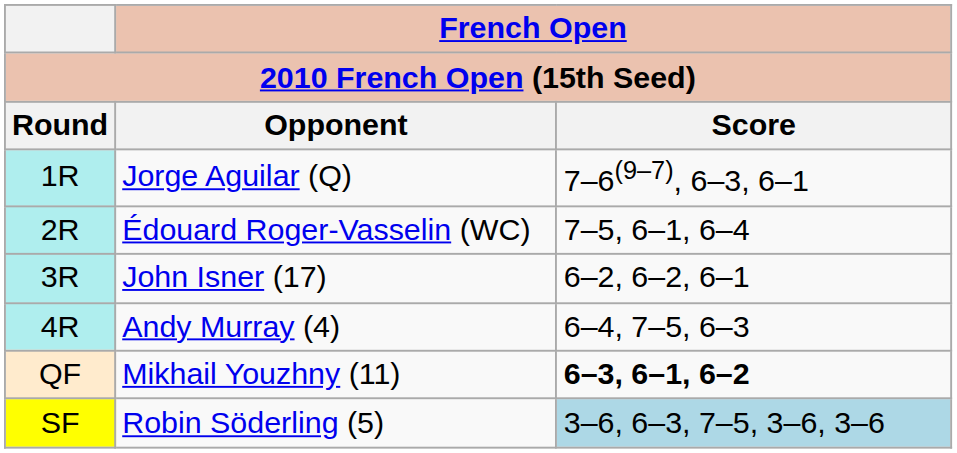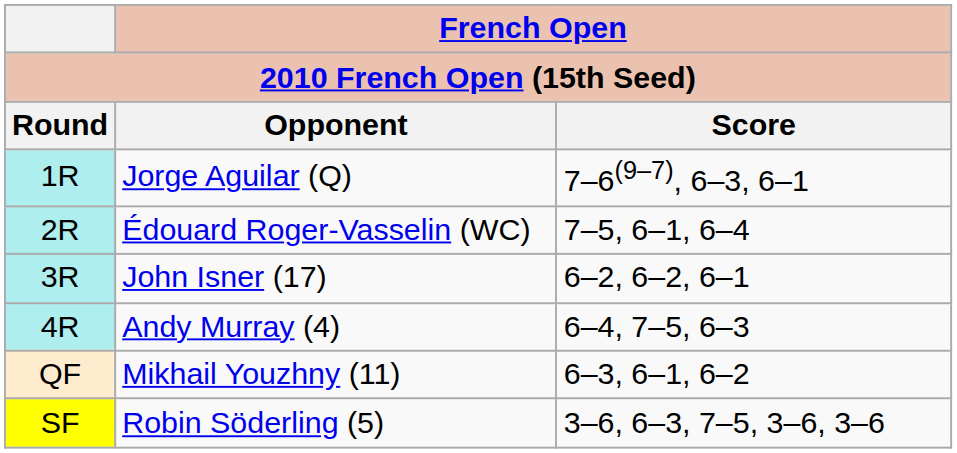 <table class="wikitable collapsible collapsed">
 <tr>
 <th></th>
 <th colspan=2 style="background:#ebc2af;"><a href='#'>French Open</a></th>
 </tr>
 <tr>
 <th colspan=3 style="background:#ebc2af;"><a href='#'>2010 French Open</a> (15th Seed)</th>
 </tr>
 <tr>
 <th>Round</th>
 <th width=225>Opponent</th>
 <th width=200>Score</th>
 </tr>
 <tr>
 <td style="text-align:center; background:#afeeee;">1R</td>
 <td> <a href='#'>Jorge Aguilar</a> (Q)</td>
 <td>7–6<sup>(9–7)</sup>, 6–3, 6–1</td>
 </tr>
 <tr>
 <td style="text-align:center; background:#afeeee;">2R</td>
 <td> <a href='#'>Édouard Roger-Vasselin</a> (WC)</td>
 <td>7–5, 6–1, 6–4</td>
 </tr>
 <tr>
 <td style="text-align:center; background:#afeeee;">3R</td>
 <td> <a href='#'>John Isner</a> (17)</td>
 <td>6–2, 6–2, 6–1</td>
 </tr>
 <tr>
 <td style="text-align:center; background:#afeeee;">4R</td>
 <td> <a href='#'>Andy Murray</a> (4)</td>
 <td>6–4, 7–5, 6–3</td>
 </tr>
 <tr>
 <td style="text-align:center; background:#ffebcd;">QF</td>
 <td> <a href='#'>Mikhail Youzhny</a> (11)</td>
-<td><strong>6–3, 6–1, 6–2</strong></td>
+<td>6–3, 6–1, 6–2</td>
 </tr>
 <tr>
 <td style="text-align:center; background:yellow;">SF</td>
 <td> <a href='#'>Robin Söderling</a> (5)</td>
-<td style="background: lightblue;">3–6, 6–3, 7–5, 3–6, 3–6</td>
+<td>3–6, 6–3, 7–5, 3–6, 3–6</td>
 </tr>
 </table>
